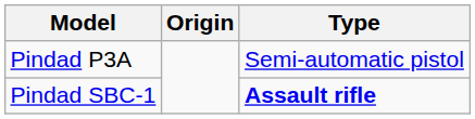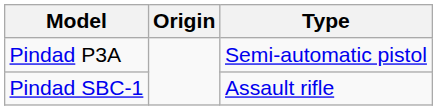 <table class="wikitable">
 <tr>
 <th>Model</th>
 <th>Origin</th>
 <th>Type</th>
 </tr>
 <tr>
 <td><a href='#'>Pindad</a> P3A</td>
 <td rowspan="2"></td>
 <td><a href='#'>Semi-automatic pistol</a></td>
 </tr>
 <tr>
 <td><a href='#'>Pindad SBC-1</a></td>
-<td><strong><a href='#'>Assault rifle</a></strong></td>
+<td><a href='#'>Assault rifle</a></td>
 </tr>
 </table>
